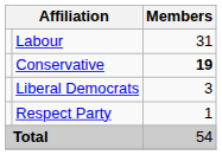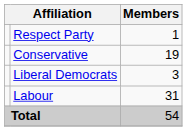 <table class="wikitable">
 <tr>
 <th colspan="2">Affiliation</th>
 <th>Members</th>
 </tr>
 <tr>
 <td style="color:inherit;background:"></td>
-<td><a href='#'>Labour</a></td>
-<td align="right">31</td>
+<td><a href='#'>Respect Party</a></td>
+<td align="right">1</td>
 </tr>
 <tr>
 <td style="color:inherit;background:"></td>
 <td><a href='#'>Conservative</a></td>
-<td align="right"><strong>19</strong></td>
+<td align="right">19</td>
 </tr>
 <tr>
 <td style="color:inherit;background:"></td>
 <td><a href='#'>Liberal Democrats</a></td>
 <td align="right">3</td>
 </tr>
 <tr>
 <td style="color:inherit;background:"></td>
-<td><a href='#'>Respect Party</a></td>
-<td align="right">1</td>
+<td><a href='#'>Labour</a></td>
+<td align="right">31</td>
 </tr>
 <tr bgcolor="CCCCCC">
 <td colspan="2" rowspan="1"> <strong>Total</strong></td>
 <td align="right">54</td>
 </tr>
 <tr>
 </tr>
 </table>
